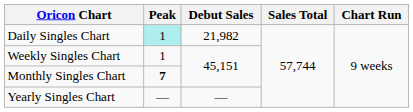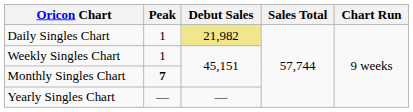 <table class="wikitable" style="width:500px;">
 <tr>
 <th style="text-align:center;"><a href='#'>Oricon</a> Chart</th>
 <th style="text-align:center;">Peak</th>
 <th style="text-align:center;">Debut Sales</th>
 <th style="text-align:center;">Sales Total</th>
 <th style="text-align:center;">Chart Run</th>
 </tr>
 <tr>
 <td align="left">Daily Singles Chart</td>
-<td style="background: paleturquoise; text-align:center;">1</td>
-<td style="text-align:center;" rowspan="1">21,982</td>
+<td style="text-align:center;">1</td>
+<td style="background: khaki; text-align:center;" rowspan="1">21,982</td>
 <td style="text-align:center;" rowspan="4">57,744</td>
 <td style="text-align:center;" rowspan="4">9 weeks</td>
 </tr>
 <tr>
 <td align="left">Weekly Singles Chart</td>
 <td style="text-align:center;">1</td>
 <td style="text-align:center;" rowspan="2">45,151</td>
 </tr>
 <tr>
 <td align="left">Monthly Singles Chart</td>
 <td style="text-align:center;"><strong>7</strong></td>
 </tr>
 <tr>
 <td align="left">Yearly Singles Chart</td>
 <td style="text-align:center;">—</td>
 <td style="text-align:center;" rowspan="1">—</td>
 </tr>
 </table>
